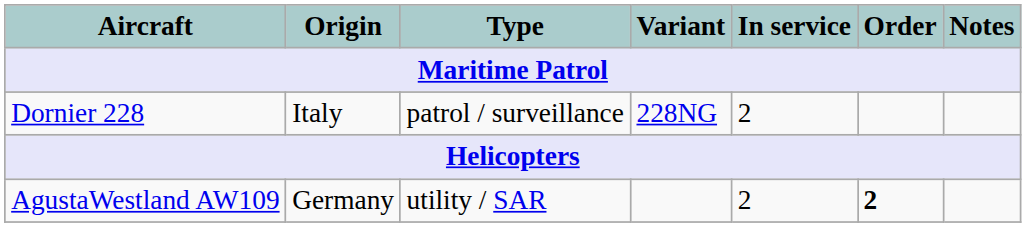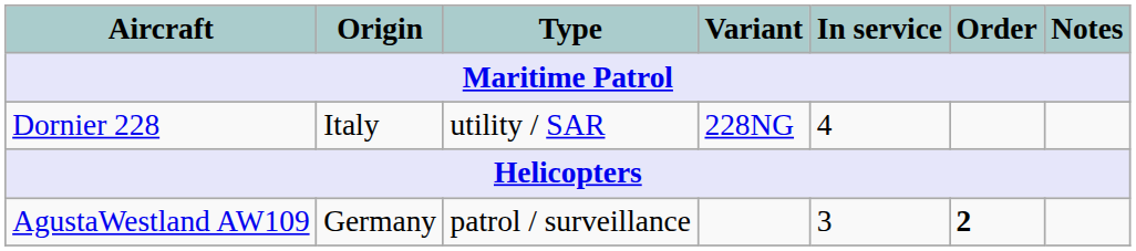 <table class="wikitable">
 <tr>
 <th style="text-align:center; background:#acc;">Aircraft</th>
 <th style="text-align: center; background:#acc;">Origin</th>
 <th style="text-align:l center; background:#acc;">Type</th>
 <th style="text-align:left; background:#acc;">Variant</th>
 <th style="text-align:center; background:#acc;">In service</th>
 <th style="text-align:center; background:#acc;">Order</th>
 <th style="text-align: center; background:#acc;">Notes</th>
 </tr>
 <tr>
 <th style="align: center; background: lavender;" colspan="7"><a href='#'>Maritime Patrol</a></th>
 </tr>
 <tr>
 <td><a href='#'>Dornier 228</a></td>
 <td>Italy</td>
-<td>patrol / surveillance</td>
+<td>utility / <a href='#'>SAR</a></td>
 <td><a href='#'>228NG</a></td>
-<td>2</td>
+<td>4</td>
 <td></td>
 </tr>
 <tr>
 <th style="align: center; background: lavender;" colspan="7"><a href='#'>Helicopters</a></th>
 </tr>
 <tr>
 <td><a href='#'>AgustaWestland AW109</a></td>
 <td>Germany</td>
-<td>utility / <a href='#'>SAR</a></td>
+<td>patrol / surveillance</td>
 <td></td>
-<td>2</td>
+<td>3</td>
 <td><strong>2</strong></td>
 </tr>
 </table>
